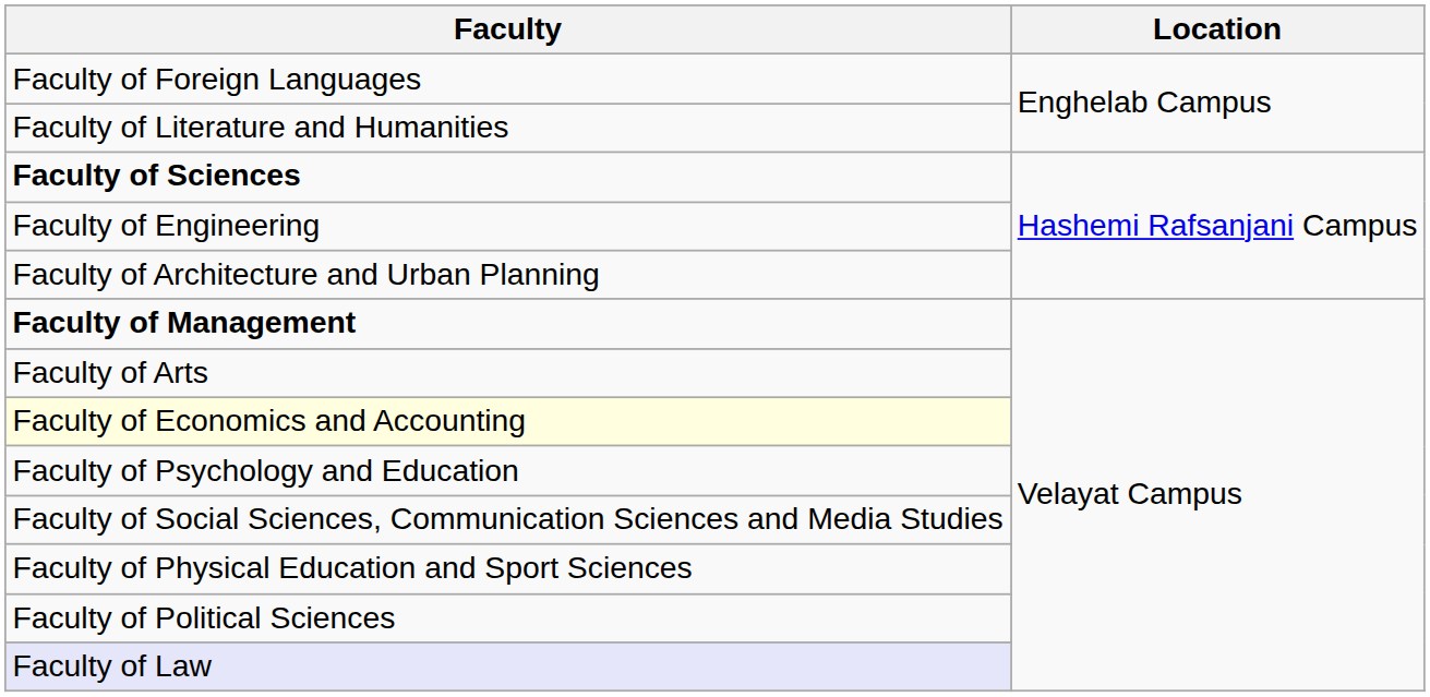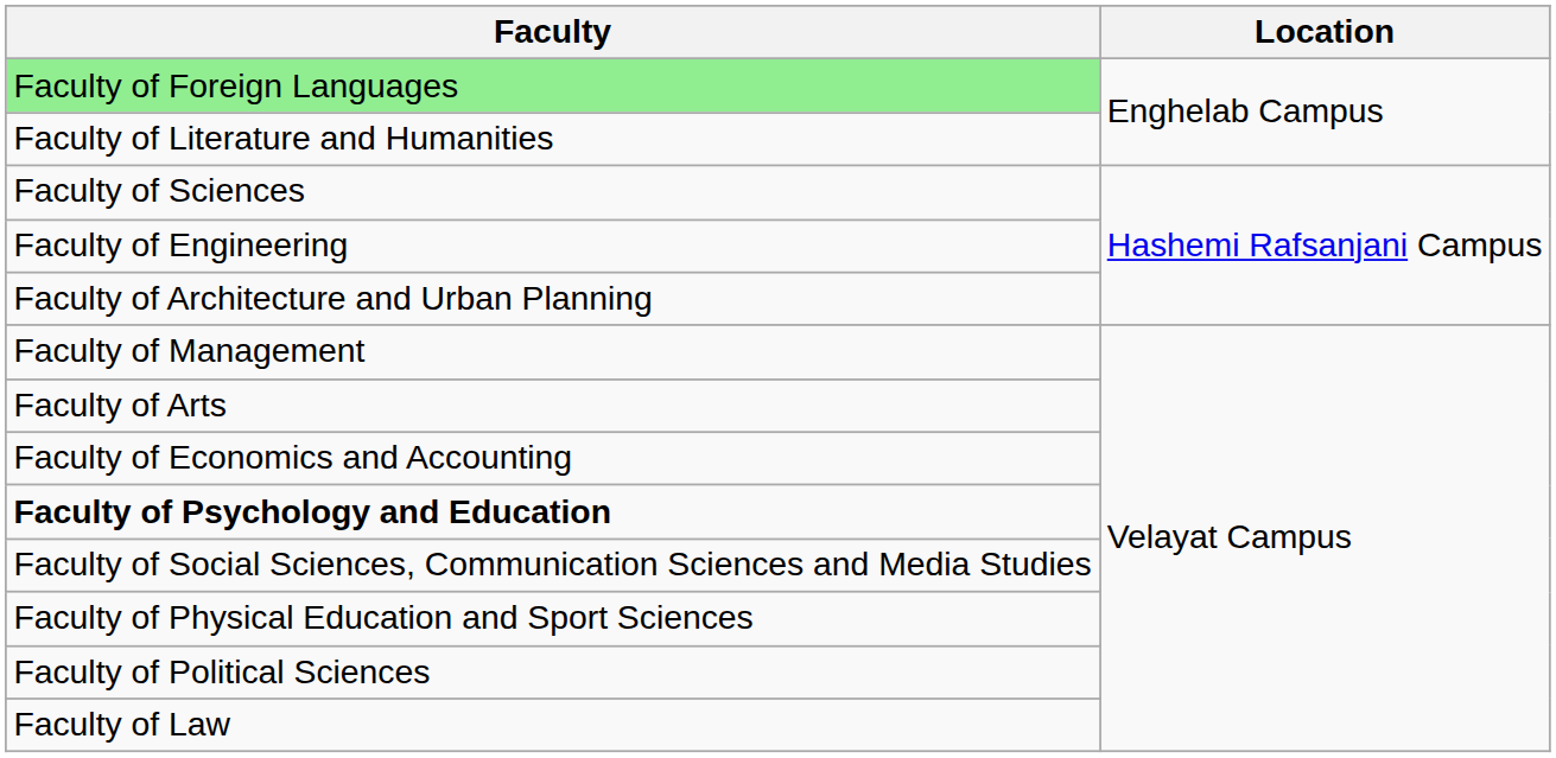 <table class="wikitable" style="text-align:left;">
 <tr>
 <th>Faculty</th>
 <th>Location</th>
 </tr>
 <tr>
-<td>Faculty of Foreign Languages</td>
+<td style="background: lightgreen;">Faculty of Foreign Languages</td>
 <td rowspan=2>Enghelab Campus</td>
 </tr>
 <tr>
 <td>Faculty of Literature and Humanities</td>
 </tr>
 <tr>
-<td><strong>Faculty of Sciences</strong></td>
+<td>Faculty of Sciences</td>
 <td rowspan=3><a href='#'>Hashemi Rafsanjani</a> Campus</td>
 </tr>
 <tr>
 <td>Faculty of Engineering</td>
 </tr>
 <tr>
 <td>Faculty of Architecture and Urban Planning</td>
 </tr>
 <tr>
-<td><strong>Faculty of Management</strong></td>
+<td>Faculty of Management</td>
 <td rowspan=8>Velayat Campus</td>
 </tr>
 <tr>
 <td>Faculty of Arts</td>
 </tr>
 <tr>
-<td style="background: lightyellow;">Faculty of Economics and Accounting</td>
+<td>Faculty of Economics and Accounting</td>
 </tr>
 <tr>
-<td>Faculty of Psychology and Education</td>
+<td><strong>Faculty of Psychology and Education</strong></td>
 </tr>
 <tr>
 <td>Faculty of Social Sciences, Communication Sciences and Media Studies</td>
 </tr>
 <tr>
 <td>Faculty of Physical Education and Sport Sciences</td>
 </tr>
 <tr>
 <td>Faculty of Political Sciences</td>
 </tr>
 <tr>
-<td style="background: lavender;">Faculty of Law</td>
+<td>Faculty of Law</td>
 </tr>
 </table>
